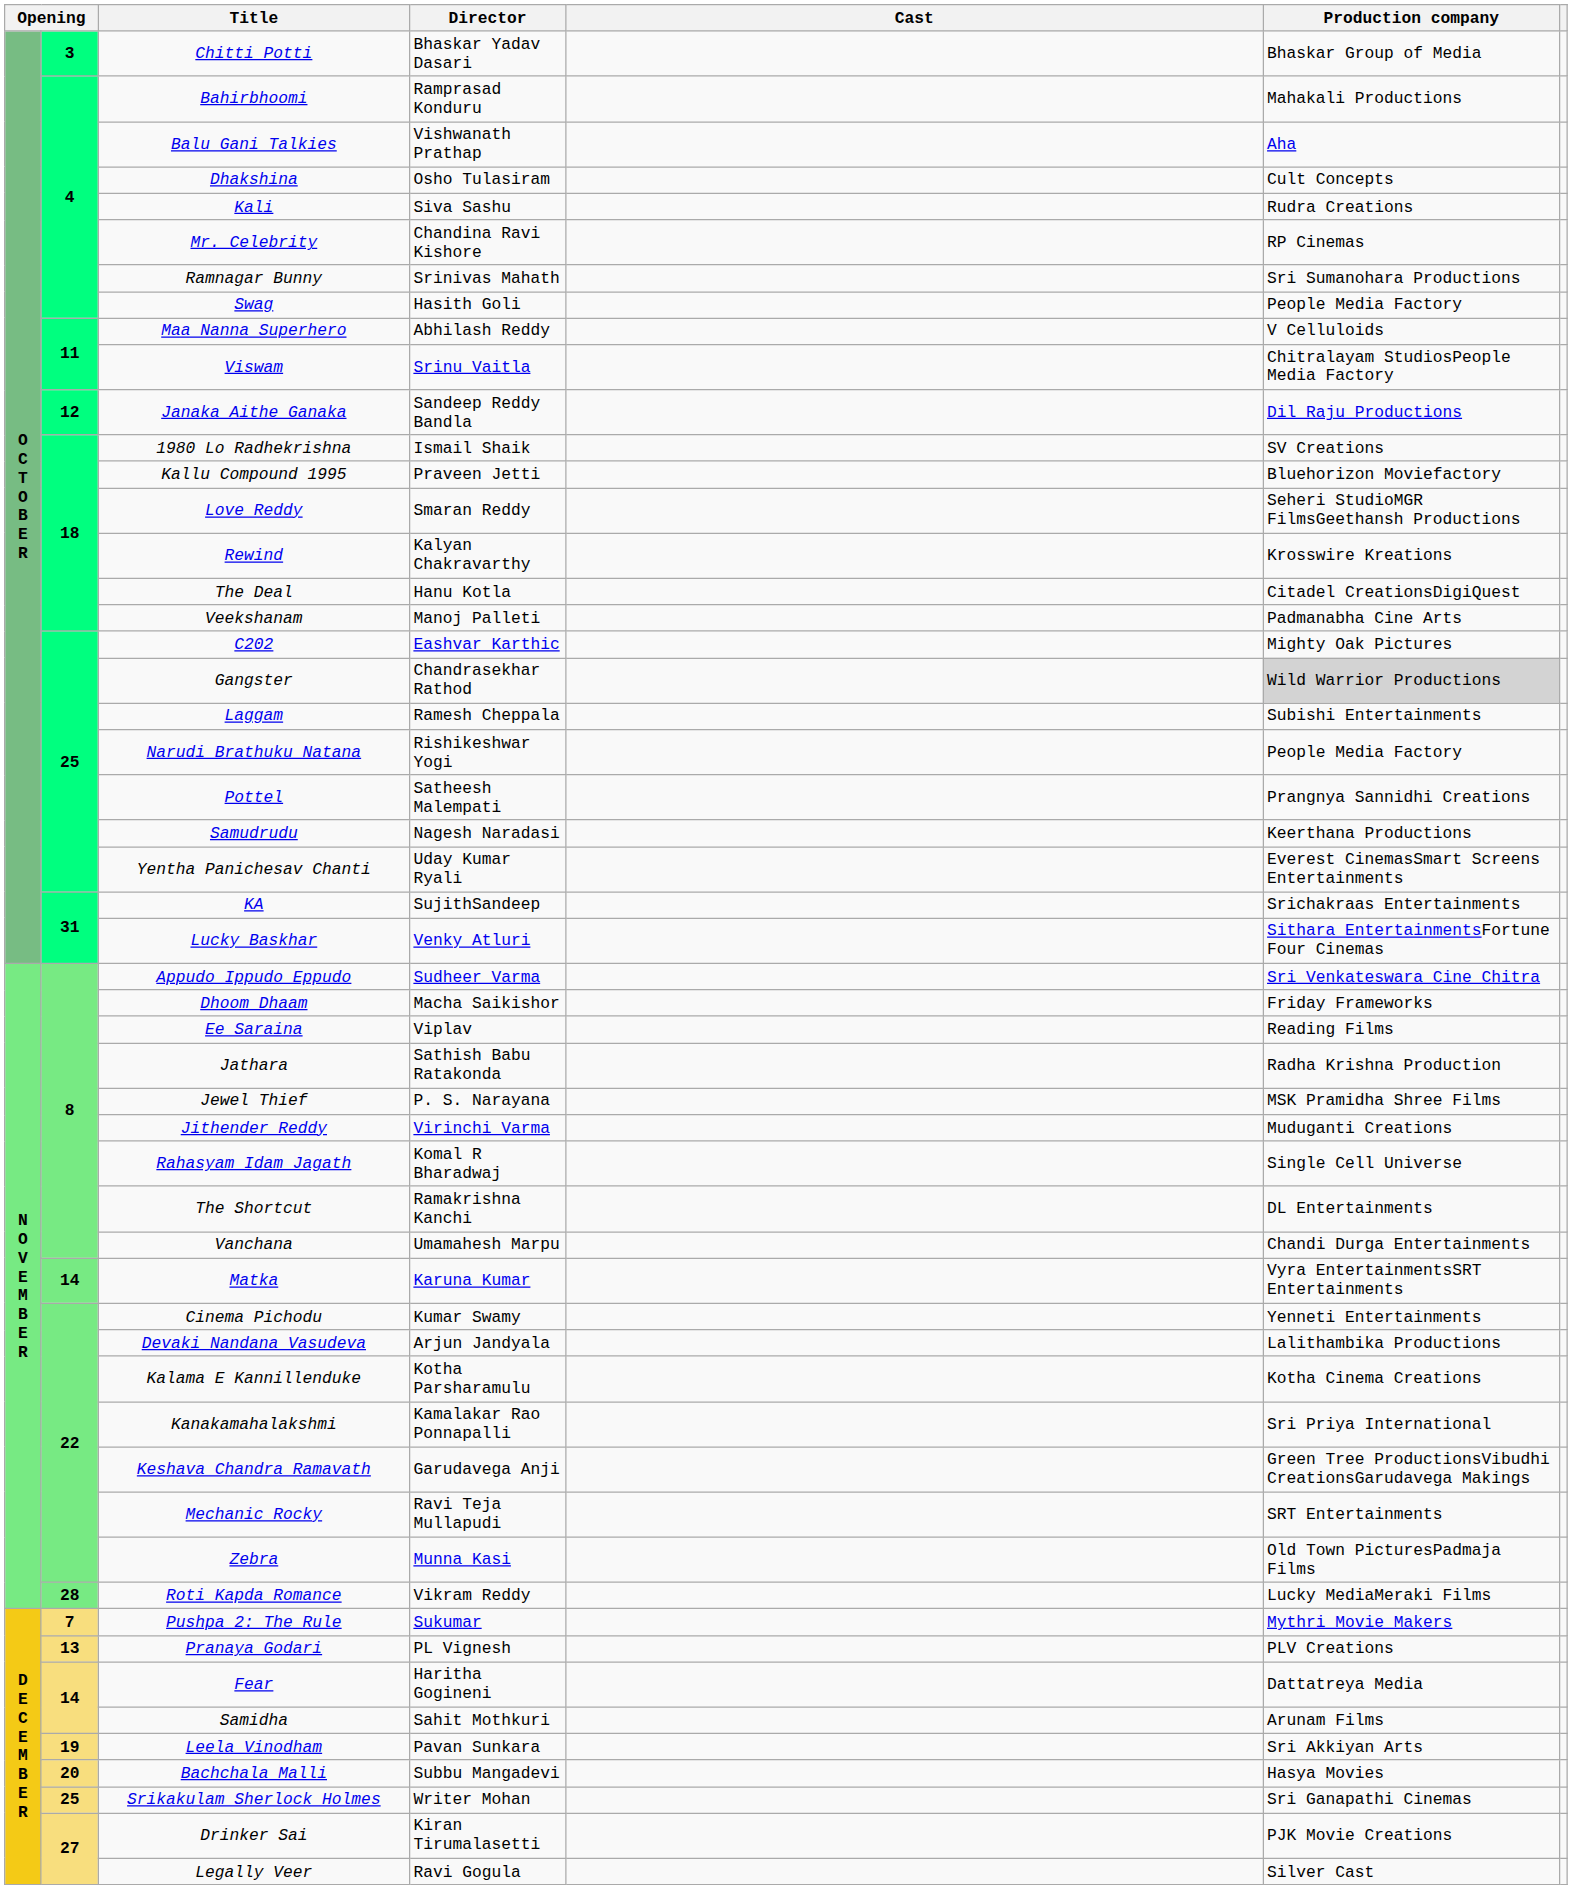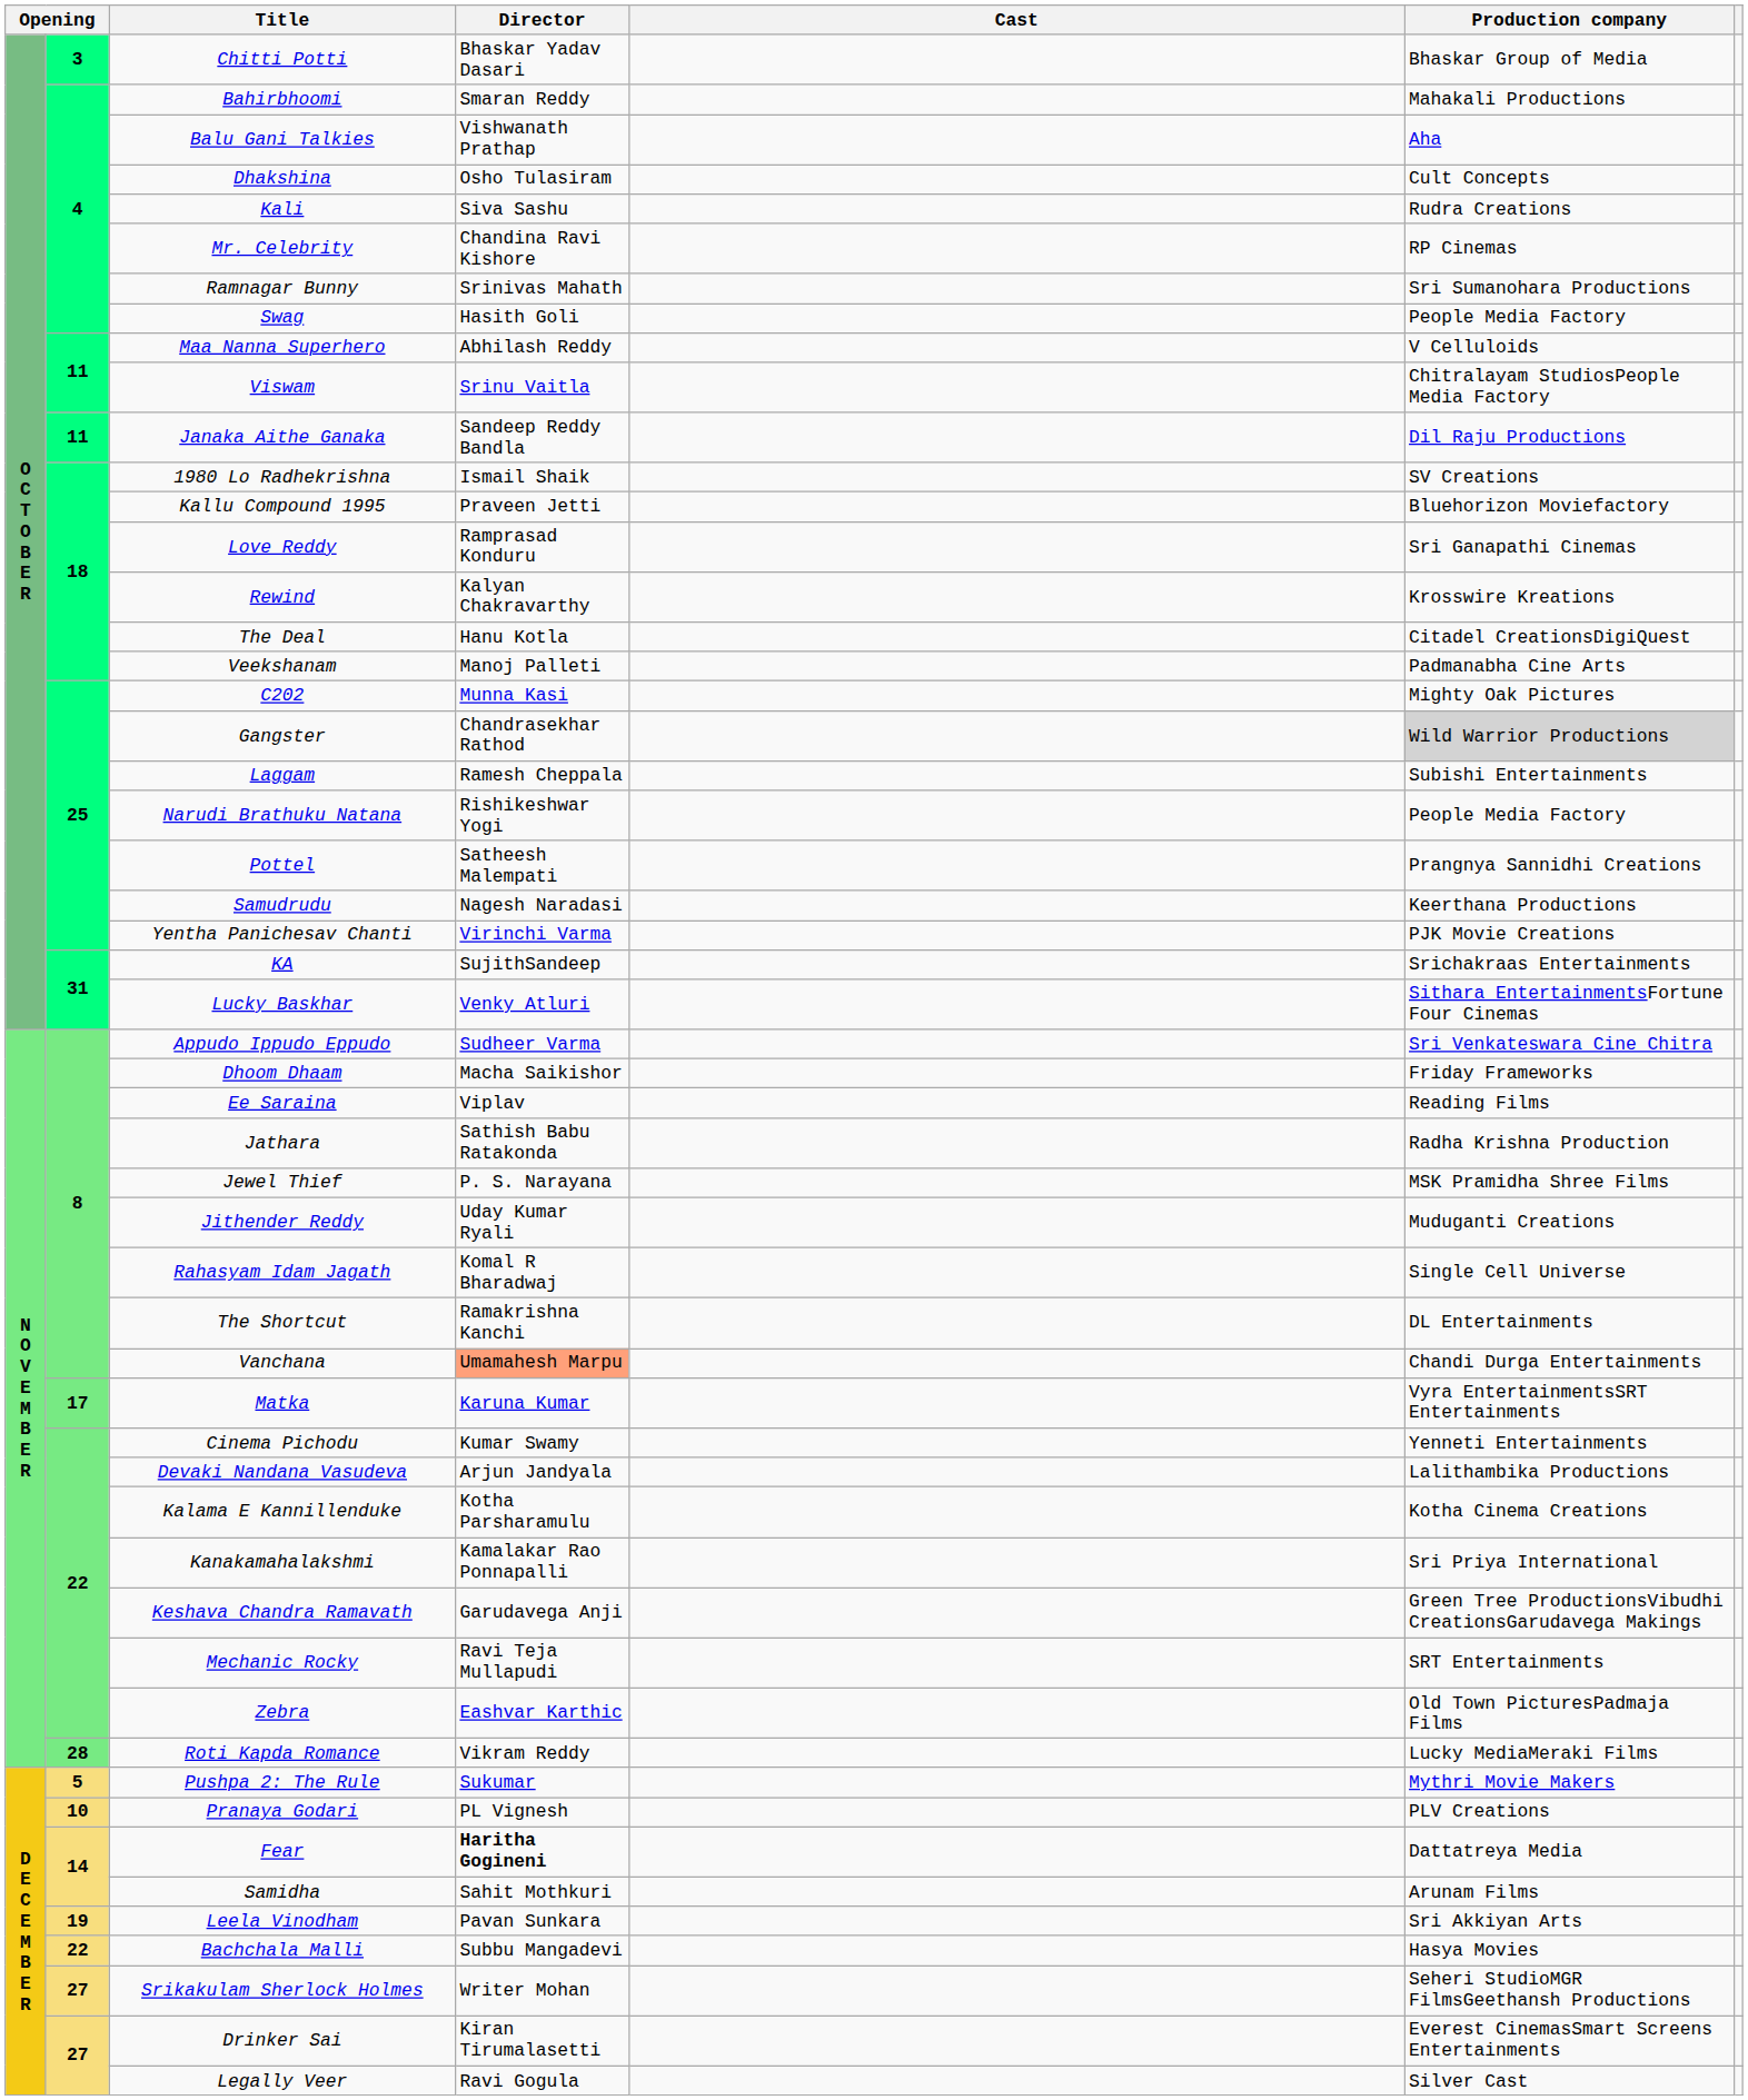 <table class="wikitable sortable">
 <tr>
 <th colspan="2" style="width:6%;">Opening</th>
 <th style="width:20%;">Title</th>
 <th style="width:10%;">Director</th>
 <th style="width:45%;">Cast</th>
 <th style="width:30%;">Production company</th>
 <th class="unsortable" style="width:1%;"></th>
 </tr>
 <tr>
 <td rowspan="26" style="text-align:center; background:#77bc83;"><strong>O<br>C<br>T<br>O<br>B<br>E<br>R</strong></td>
 <td rowspan="1" style="text-align:center; background:#00FF7F;"><strong>3</strong></td>
 <td style="text-align:center; "><em><a href='#'>Chitti Potti</a></em></td>
 <td>Bhaskar Yadav Dasari</td>
 <td></td>
 <td>Bhaskar Group of Media</td>
 <td style="text-align:center; "></td>
 </tr>
 <tr>
 <td rowspan="7" style="text-align:center; background:#00FF7F;"><strong>4</strong></td>
 <td style="text-align:center;"><em><a href='#'>Bahirbhoomi</a></em></td>
-<td>Ramprasad Konduru</td>
+<td>Smaran Reddy</td>
 <td></td>
 <td>Mahakali Productions</td>
 <td style="text-align:center; "></td>
 </tr>
 <tr>
 <td style="text-align:center;"><em><a href='#'>Balu Gani Talkies</a></em></td>
 <td>Vishwanath Prathap</td>
 <td></td>
 <td><a href='#'>Aha</a></td>
 <td style="text-align:center;"></td>
 </tr>
 <tr>
 <td style="text-align:center;"><em><a href='#'>Dhakshina</a></em></td>
 <td>Osho Tulasiram</td>
 <td></td>
 <td>Cult Concepts</td>
 <td style="text-align:center; "></td>
 </tr>
 <tr>
 <td style="text-align:center; "><a href='#'><em>Kali</em></a></td>
 <td>Siva Sashu</td>
 <td></td>
 <td>Rudra Creations</td>
 <td style="text-align:center; "></td>
 </tr>
 <tr>
 <td style="text-align:center;"><a href='#'><em>Mr. Celebrity</em></a></td>
 <td>Chandina Ravi Kishore</td>
 <td></td>
 <td>RP Cinemas</td>
 <td style="text-align:center; "></td>
 </tr>
 <tr>
 <td style="text-align:center; "><em>Ramnagar Bunny</em></td>
 <td>Srinivas Mahath</td>
 <td></td>
 <td>Sri Sumanohara Productions</td>
 <td style="text-align:center; "></td>
 </tr>
 <tr>
 <td style="text-align:center;"><a href='#'><em>Swag</em></a></td>
 <td>Hasith Goli</td>
 <td></td>
 <td>People Media Factory</td>
 <td style="text-align:center; "></td>
 </tr>
 <tr>
 <td rowspan="2" style="text-align:center; background:#00FF7F;"><strong>11</strong></td>
 <td style="text-align:center; "><em><a href='#'>Maa Nanna Superhero</a></em></td>
 <td>Abhilash Reddy</td>
 <td></td>
 <td>V Celluloids</td>
 <td style="text-align:center; "></td>
 </tr>
 <tr>
 <td style="text-align:center; "><em><a href='#'>Viswam</a></em></td>
 <td><a href='#'>Srinu Vaitla</a></td>
 <td></td>
 <td>Chitralayam StudiosPeople Media Factory</td>
 <td style="text-align:center; "></td>
 </tr>
 <tr>
-<td rowspan="1" style="text-align:center; background:#00FF7F;"><strong>12</strong></td>
+<td rowspan="1" style="text-align:center; background:#00FF7F;"><strong>11</strong></td>
 <td style="text-align:center; "><em><a href='#'>Janaka Aithe Ganaka</a></em></td>
 <td>Sandeep Reddy Bandla</td>
 <td></td>
 <td><a href='#'>Dil Raju Productions</a></td>
 <td style="text-align:center; "></td>
 </tr>
 <tr>
 <td rowspan="6" style="text-align:center; background:#00FF7F;"><strong>18</strong></td>
 <td style="text-align:center; "><em>1980 Lo Radhekrishna</em></td>
 <td>Ismail Shaik</td>
 <td></td>
 <td>SV Creations</td>
 <td style="text-align:center; "></td>
 </tr>
 <tr>
 <td style="text-align:center; "><em>Kallu Compound 1995</em></td>
 <td>Praveen Jetti</td>
 <td></td>
 <td>Bluehorizon Moviefactory</td>
 <td style="text-align:center; "></td>
 </tr>
 <tr>
 <td style="text-align:center; "><em><a href='#'>Love Reddy</a></em></td>
-<td>Smaran Reddy</td>
+<td>Ramprasad Konduru</td>
 <td></td>
-<td>Seheri StudioMGR FilmsGeethansh Productions</td>
+<td>Sri Ganapathi Cinemas</td>
 <td style="text-align:center; "></td>
 </tr>
 <tr>
 <td style="text-align:center; "><a href='#'><em>Rewind</em></a></td>
 <td>Kalyan Chakravarthy</td>
 <td></td>
 <td>Krosswire Kreations</td>
 <td style="text-align:center; "></td>
 </tr>
 <tr>
 <td style="text-align:center; "><em>The Deal</em></td>
 <td>Hanu Kotla</td>
 <td></td>
 <td>Citadel CreationsDigiQuest</td>
 <td style="text-align:center; "></td>
 </tr>
 <tr>
 <td style="text-align:center; "><em>Veekshanam</em></td>
 <td>Manoj Palleti</td>
 <td></td>
 <td>Padmanabha Cine Arts</td>
 <td style="text-align:center; "></td>
 </tr>
 <tr>
 <td rowspan="7" style="text-align:center; background:#00FF7F;"><strong>25</strong></td>
 <td style="text-align:center; "><em><a href='#'>C202</a></em></td>
-<td><a href='#'>Eashvar Karthic</a></td>
+<td><a href='#'>Munna Kasi</a></td>
 <td></td>
 <td>Mighty Oak Pictures</td>
 <td style="text-align:center; "></td>
 </tr>
 <tr>
 <td style="text-align:center; "><em>Gangster</em></td>
 <td>Chandrasekhar Rathod</td>
 <td></td>
 <td style="background: lightgrey;">Wild Warrior Productions</td>
 <td style="text-align:center; "></td>
 </tr>
 <tr>
 <td style="text-align:center; "><em><a href='#'>Laggam</a></em></td>
 <td>Ramesh Cheppala</td>
 <td></td>
 <td>Subishi Entertainments</td>
 <td style="text-align:center; "></td>
 </tr>
 <tr>
 <td style="text-align:center; "><em><a href='#'>Narudi Brathuku Natana</a></em></td>
 <td>Rishikeshwar Yogi</td>
 <td></td>
 <td>People Media Factory</td>
 <td style="text-align:center; "></td>
 </tr>
 <tr>
 <td style="text-align:center; "><em><a href='#'>Pottel</a></em></td>
 <td>Satheesh Malempati</td>
 <td></td>
 <td>Prangnya Sannidhi Creations</td>
 <td style="text-align:center; "></td>
 </tr>
 <tr>
 <td style="text-align:center; "><em><a href='#'>Samudrudu</a></em></td>
 <td>Nagesh Naradasi</td>
 <td></td>
 <td>Keerthana Productions</td>
 <td style="text-align:center; "></td>
 </tr>
 <tr>
 <td style="text-align:center;"><em>Yentha Panichesav Chanti</em></td>
-<td>Uday Kumar Ryali</td>
+<td><a href='#'>Virinchi Varma</a></td>
 <td></td>
-<td>Everest CinemasSmart Screens Entertainments</td>
+<td>PJK Movie Creations</td>
 <td style="text-align:center;"></td>
 </tr>
 <tr>
 <td rowspan="2" style="text-align:center; background:#00FF7F;"><strong>31</strong></td>
 <td style="text-align:center; "><a href='#'><em>KA</em></a></td>
 <td>SujithSandeep</td>
 <td></td>
 <td>Srichakraas Entertainments</td>
 <td style="text-align:center; "></td>
 </tr>
 <tr>
 <td style="text-align:center; "><em><a href='#'>Lucky Baskhar</a></em></td>
 <td><a href='#'>Venky Atluri</a></td>
 <td></td>
 <td><a href='#'>Sithara Entertainments</a>Fortune Four Cinemas</td>
 <td style="text-align:center; "></td>
 </tr>
 <tr>
 <td rowspan="18" style="text-align:center; background:#77ea83;"><strong>N<br>O<br>V<br>E<br>M<br>B<br>E<br>R</strong></td>
 <td rowspan="9" style="text-align:center; background:#77ea83;"><strong>8</strong></td>
 <td style="text-align:center;"><em><a href='#'>Appudo Ippudo Eppudo</a></em></td>
 <td><a href='#'>Sudheer Varma</a></td>
 <td></td>
 <td><a href='#'>Sri Venkateswara Cine Chitra</a></td>
 <td style="text-align:center;"></td>
 </tr>
 <tr>
 <td style="text-align:center;"><em><a href='#'>Dhoom Dhaam</a></em></td>
 <td>Macha Saikishor</td>
 <td></td>
 <td>Friday Frameworks</td>
 <td style="text-align:center;"></td>
 </tr>
 <tr>
 <td style="text-align:center;"><em><a href='#'>Ee Saraina</a></em></td>
 <td>Viplav</td>
 <td></td>
 <td>Reading Films</td>
 <td style="text-align:center;"></td>
 </tr>
 <tr>
 <td style="text-align:center;"><em>Jathara</em></td>
 <td>Sathish Babu Ratakonda</td>
 <td></td>
 <td>Radha Krishna Production</td>
 <td style="text-align:center;"></td>
 </tr>
 <tr>
 <td style="text-align:center;"><em>Jewel Thief</em></td>
 <td>P. S. Narayana</td>
 <td></td>
 <td>MSK Pramidha Shree Films</td>
 <td style="text-align:center;"></td>
 </tr>
 <tr>
 <td style="text-align:center;"><em><a href='#'>Jithender Reddy</a></em></td>
-<td><a href='#'>Virinchi Varma</a></td>
+<td>Uday Kumar Ryali</td>
 <td></td>
 <td>Muduganti Creations</td>
 <td style="text-align:center;"></td>
 </tr>
 <tr>
 <td style="text-align:center;"><em><a href='#'>Rahasyam Idam Jagath</a></em></td>
 <td>Komal R Bharadwaj</td>
 <td></td>
 <td>Single Cell Universe</td>
 <td style="text-align:center;"></td>
 </tr>
 <tr>
 <td style="text-align:center;"><em>The Shortcut</em></td>
 <td>Ramakrishna Kanchi</td>
 <td></td>
 <td>DL Entertainments</td>
 <td style="text-align:center;"></td>
 </tr>
 <tr>
 <td style="text-align:center;"><em>Vanchana</em></td>
-<td>Umamahesh Marpu</td>
+<td style="background: lightsalmon;">Umamahesh Marpu</td>
 <td></td>
 <td>Chandi Durga Entertainments</td>
 <td style="text-align:center;"></td>
 </tr>
 <tr>
-<td style="text-align:center;; background:#77ea83;"><strong>14</strong></td>
+<td style="text-align:center;; background:#77ea83;"><strong>17</strong></td>
 <td style="text-align:center;"><em><a href='#'>Matka</a></em></td>
 <td><a href='#'>Karuna Kumar</a></td>
 <td></td>
 <td>Vyra EntertainmentsSRT Entertainments</td>
 <td style="text-align:center;"></td>
 </tr>
 <tr>
 <td rowspan="7" style="text-align:center; background:#77ea83;"><strong>22</strong></td>
 <td style="text-align:center;"><em>Cinema Pichodu</em></td>
 <td>Kumar Swamy</td>
 <td></td>
 <td>Yenneti Entertainments</td>
 <td style="text-align:center; "></td>
 </tr>
 <tr>
 <td style="text-align:center;"><em><a href='#'>Devaki Nandana Vasudeva</a></em></td>
 <td>Arjun Jandyala</td>
 <td></td>
 <td>Lalithambika Productions</td>
 <td style="text-align:center;"></td>
 </tr>
 <tr>
 <td style="text-align:center;"><em>Kalama E Kannillenduke</em></td>
 <td>Kotha Parsharamulu</td>
 <td></td>
 <td>Kotha Cinema Creations</td>
 <td style="text-align:center;"></td>
 </tr>
 <tr>
 <td style="text-align:center; "><em>Kanakamahalakshmi</em></td>
 <td>Kamalakar Rao Ponnapalli</td>
 <td></td>
 <td>Sri Priya International</td>
 <td style="text-align:center; "></td>
 </tr>
 <tr>
 <td style="text-align:center; "><em><a href='#'>Keshava Chandra Ramavath</a></em></td>
 <td>Garudavega Anji</td>
 <td></td>
 <td>Green Tree ProductionsVibudhi CreationsGarudavega Makings</td>
 <td style="text-align:center; "></td>
 </tr>
 <tr>
 <td style="text-align:center; "><em><a href='#'>Mechanic Rocky</a></em></td>
 <td>Ravi Teja Mullapudi</td>
 <td></td>
 <td>SRT Entertainments</td>
 <td style="text-align:center; "></td>
 </tr>
 <tr>
 <td style="text-align:center; "><em><a href='#'>Zebra</a></em></td>
-<td><a href='#'>Munna Kasi</a></td>
+<td><a href='#'>Eashvar Karthic</a></td>
 <td></td>
 <td>Old Town PicturesPadmaja Films</td>
 <td style="text-align:center; "></td>
 </tr>
 <tr>
 <td style="text-align:center; background:#77ea83;"><strong>28</strong></td>
 <td style="text-align:center; "><em><a href='#'>Roti Kapda Romance</a></em></td>
 <td>Vikram Reddy</td>
 <td></td>
 <td>Lucky MediaMeraki Films</td>
 <td style="text-align:center; "></td>
 </tr>
 <tr>
 <td rowspan="10" style="text-align:center; background:#F4CA16; textcolor:#000;"><strong>D<br>E<br>C<br>E<br>M<br>B<br>E<br>R</strong></td>
-<td rowspan="1" style="text-align:center; background:#F8DE7E;"><strong>7</strong></td>
+<td rowspan="1" style="text-align:center; background:#F8DE7E;"><strong>5</strong></td>
 <td style="text-align:center;"><em><a href='#'>Pushpa 2: The Rule</a></em></td>
 <td><a href='#'>Sukumar</a></td>
 <td></td>
 <td><a href='#'>Mythri Movie Makers</a></td>
 <td style="text-align:center;"></td>
 </tr>
 <tr>
-<td rowspan="1" style="text-align:center; background:#F8DE7E;"><strong>13</strong></td>
+<td rowspan="1" style="text-align:center; background:#F8DE7E;"><strong>10</strong></td>
 <td style="text-align:center;"><em><a href='#'>Pranaya Godari</a></em></td>
 <td>PL Vignesh</td>
 <td></td>
 <td>PLV Creations</td>
 <td style="text-align:center;"></td>
 </tr>
 <tr>
 <td rowspan="2" style="text-align:center; background:#F8DE7E;"><strong>14</strong></td>
 <td style="text-align:center;"><a href='#'><em>Fear</em></a></td>
-<td>Haritha Gogineni</td>
+<td><strong>Haritha Gogineni</strong></td>
 <td></td>
 <td>Dattatreya Media</td>
 <td style="text-align:center;"></td>
 </tr>
 <tr>
 <td style="text-align:center;"><em>Samidha</em></td>
 <td>Sahit Mothkuri</td>
 <td></td>
 <td>Arunam Films</td>
 <td style="text-align:center;"></td>
 </tr>
 <tr>
 <td rowspan="1" style="text-align:center; background:#F8DE7E;"><strong>19</strong></td>
 <td style="text-align:center;"><em><a href='#'>Leela Vinodham</a></em></td>
 <td>Pavan Sunkara</td>
 <td></td>
 <td>Sri Akkiyan Arts</td>
 <td style="text-align:center;"></td>
 </tr>
 <tr>
-<td style="text-align:center; background:#F8DE7E;"><strong>20</strong></td>
+<td style="text-align:center; background:#F8DE7E;"><strong>22</strong></td>
 <td style="text-align:center;"><em><a href='#'>Bachchala Malli</a></em></td>
 <td>Subbu Mangadevi</td>
 <td></td>
 <td>Hasya Movies</td>
 <td style="text-align:center;"></td>
 </tr>
 <tr>
-<td rowspan="1" style="text-align:center; background:#F8DE7E;"><strong>25</strong></td>
+<td rowspan="1" style="text-align:center; background:#F8DE7E;"><strong>27</strong></td>
 <td style="text-align:center;"><em><a href='#'>Srikakulam Sherlock Holmes</a></em></td>
 <td>Writer Mohan</td>
 <td></td>
-<td>Sri Ganapathi Cinemas</td>
+<td>Seheri StudioMGR FilmsGeethansh Productions</td>
 <td style="text-align:center;"></td>
 </tr>
 <tr>
 <td rowspan="2" style="text-align:center; background:#F8DE7E;"><strong>27</strong></td>
 <td style="text-align:center; "><em>Drinker Sai</em></td>
 <td>Kiran Tirumalasetti</td>
 <td></td>
-<td>PJK Movie Creations</td>
+<td>Everest CinemasSmart Screens Entertainments</td>
 <td style="text-align:center; "></td>
 </tr>
 <tr>
 <td style="text-align:center;"><em>Legally Veer</em></td>
 <td>Ravi Gogula</td>
 <td></td>
 <td>Silver Cast</td>
 <td style="text-align:center;"></td>
 </tr>
 </table>
